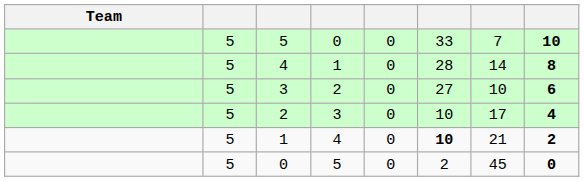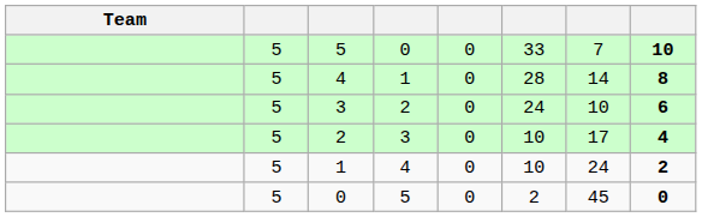 <table class="wikitable" style="text-align:center">
 <tr>
 <th width=165>Team</th>
 <th width=40></th>
 <th width=40></th>
 <th width=40></th>
 <th width=40></th>
 <th width=40></th>
 <th width=40></th>
 <th width=40></th>
 </tr>
 <tr bgcolor="ccffcc">
 <td style="text-align:left;"></td>
 <td>5</td>
 <td>5</td>
 <td>0</td>
 <td>0</td>
 <td>33</td>
 <td>7</td>
 <td><strong>10</strong></td>
 </tr>
 <tr bgcolor="ccffcc">
 <td style="text-align:left;"></td>
 <td>5</td>
 <td>4</td>
 <td>1</td>
 <td>0</td>
 <td>28</td>
 <td>14</td>
 <td><strong>8</strong></td>
 </tr>
 <tr bgcolor="ccffcc">
 <td style="text-align:left;"></td>
 <td>5</td>
 <td>3</td>
 <td>2</td>
 <td>0</td>
-<td>27</td>
+<td>24</td>
 <td>10</td>
 <td><strong>6</strong></td>
 </tr>
 <tr bgcolor="ccffcc">
 <td style="text-align:left;"></td>
 <td>5</td>
 <td>2</td>
 <td>3</td>
 <td>0</td>
 <td>10</td>
 <td>17</td>
 <td><strong>4</strong></td>
 </tr>
 <tr>
 <td style="text-align:left;"></td>
 <td>5</td>
 <td>1</td>
 <td>4</td>
 <td>0</td>
-<td><strong>10</strong></td>
-<td>21</td>
+<td>10</td>
+<td>24</td>
 <td><strong>2</strong></td>
 </tr>
 <tr>
 <td style="text-align:left;"></td>
 <td>5</td>
 <td>0</td>
 <td>5</td>
 <td>0</td>
 <td>2</td>
 <td>45</td>
 <td><strong>0</strong></td>
 </tr>
 </table>
